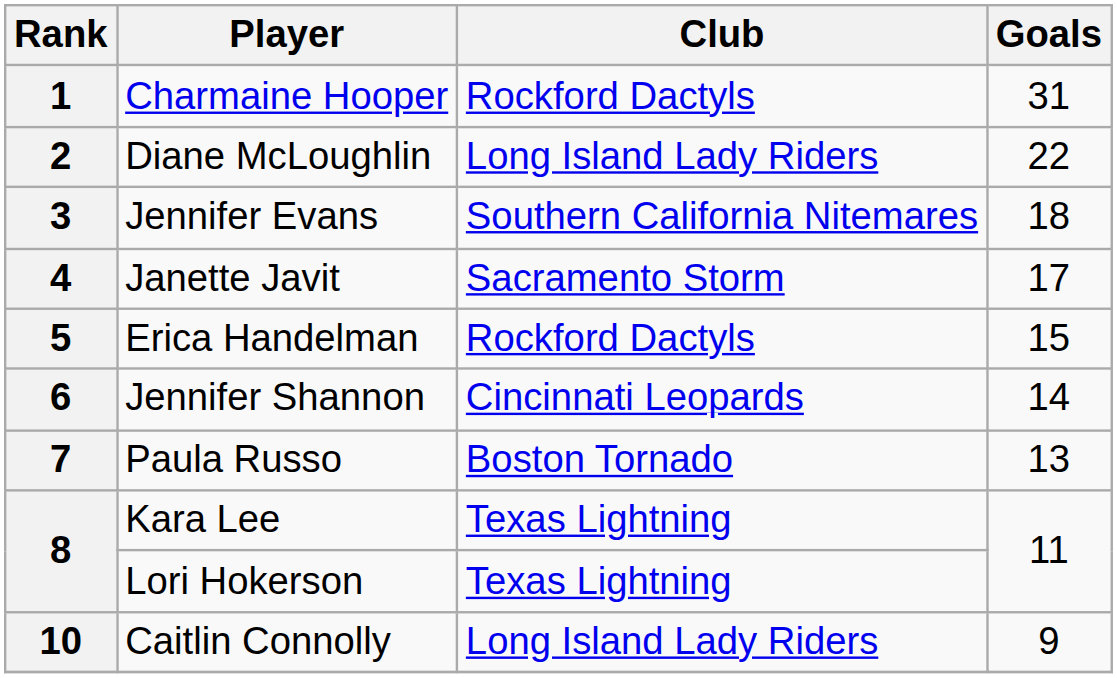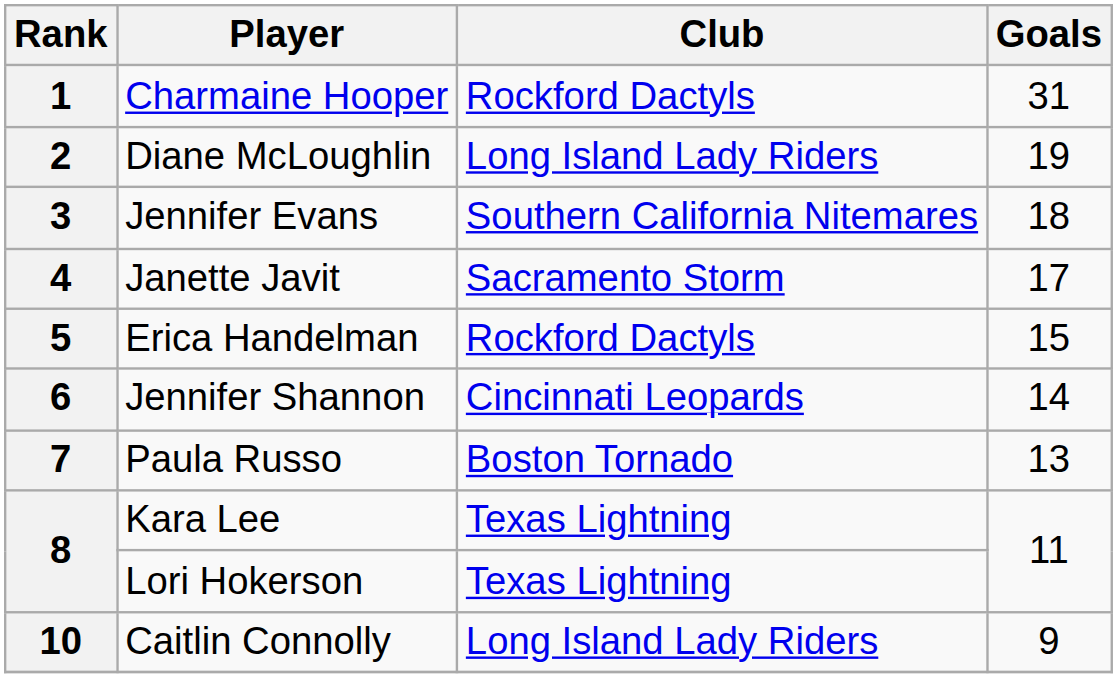 <table class="wikitable">
 <tr>
 <th>Rank</th>
 <th>Player</th>
 <th>Club</th>
 <th>Goals</th>
 </tr>
 <tr>
 <th>1</th>
 <td><a href='#'>Charmaine Hooper</a></td>
 <td><a href='#'>Rockford Dactyls</a></td>
 <td style="text-align:center;">31</td>
 </tr>
 <tr>
 <th>2</th>
 <td>Diane McLoughlin</td>
 <td><a href='#'>Long Island Lady Riders</a></td>
-<td style="text-align:center;">22</td>
+<td style="text-align:center;">19</td>
 </tr>
 <tr>
 <th>3</th>
 <td>Jennifer Evans</td>
 <td><a href='#'>Southern California Nitemares</a></td>
 <td style="text-align:center;">18</td>
 </tr>
 <tr>
 <th>4</th>
 <td>Janette Javit</td>
 <td><a href='#'>Sacramento Storm</a></td>
 <td style="text-align:center;">17</td>
 </tr>
 <tr>
 <th>5</th>
 <td>Erica Handelman</td>
 <td><a href='#'>Rockford Dactyls</a></td>
 <td style="text-align:center;">15</td>
 </tr>
 <tr>
 <th>6</th>
 <td>Jennifer Shannon</td>
 <td><a href='#'>Cincinnati Leopards</a></td>
 <td style="text-align:center;">14</td>
 </tr>
 <tr>
 <th>7</th>
 <td>Paula Russo</td>
 <td><a href='#'>Boston Tornado</a></td>
 <td style="text-align:center;">13</td>
 </tr>
 <tr>
 <th rowspan="2">8</th>
 <td>Kara Lee</td>
 <td><a href='#'>Texas Lightning</a></td>
 <td rowspan="2" ; style="text-align:center">11</td>
 </tr>
 <tr>
 <td>Lori Hokerson</td>
 <td><a href='#'>Texas Lightning</a></td>
 </tr>
 <tr>
 <th>10</th>
 <td>Caitlin Connolly</td>
 <td><a href='#'>Long Island Lady Riders</a></td>
 <td style="text-align:center;">9</td>
 </tr>
 <tr>
 </tr>
 </table>
